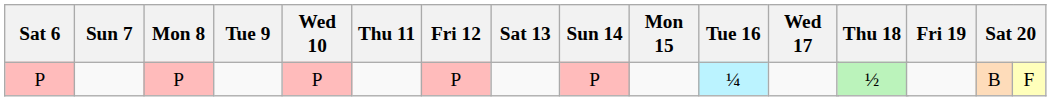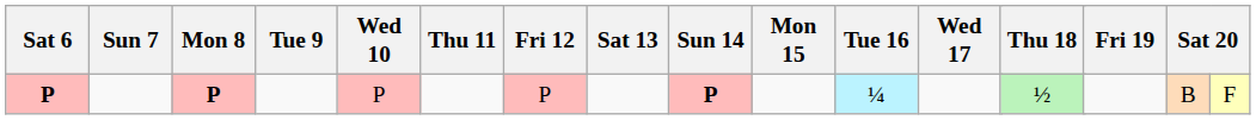 <table class="wikitable" style="margin:0.5em auto; font-size:90%; line-height:1.25em; text-align:center">
 <tr>
 <th width="45">Sat 6</th>
 <th width="45">Sun 7</th>
 <th width="45">Mon 8</th>
 <th width="45">Tue 9</th>
 <th width="45">Wed 10</th>
 <th width="45">Thu 11</th>
 <th width="45">Fri 12</th>
 <th width="45">Sat 13</th>
 <th width="45">Sun 14</th>
 <th width="45">Mon 15</th>
 <th width="45" colspan="2">Tue 16</th>
 <th width="45" colspan="2">Wed 17</th>
 <th width="45" colspan="2">Thu 18</th>
 <th width="45">Fri 19</th>
 <th width="45" colspan="2">Sat 20</th>
 </tr>
 <tr>
-<td bgcolor="#FFBBBB">P</td>
+<td bgcolor="#FFBBBB"><strong>P</strong></td>
+<td></td>
+<td bgcolor="#FFBBBB"><strong>P</strong></td>
 <td></td>
 <td bgcolor="#FFBBBB">P</td>
 <td></td>
 <td bgcolor="#FFBBBB">P</td>
 <td></td>
-<td bgcolor="#FFBBBB">P</td>
-<td></td>
-<td bgcolor="#FFBBBB">P</td>
+<td bgcolor="#FFBBBB"><strong>P</strong></td>
 <td></td>
 <td bgcolor="#BBF3FF" colspan="2">¼</td>
 <td colspan="2"></td>
 <td bgcolor="#BBF3BB" colspan="2">½</td>
 <td></td>
 <td bgcolor="#FEDCBA">B</td>
 <td bgcolor="#FFFFBB">F</td>
 </tr>
 </table>
